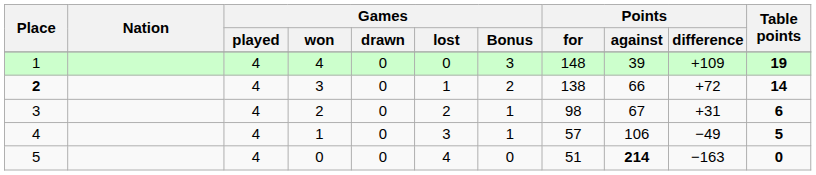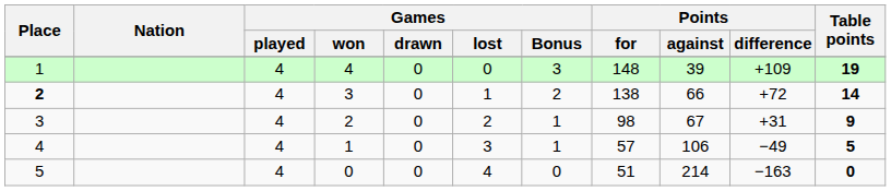 <table class="wikitable">
 <tr>
 <th rowspan=2 width="8%">Place</th>
 <th rowspan=2 width="20%">Nation</th>
 <th colspan=5 width="40%">Games</th>
 <th colspan=3 width="24%">Points</th>
 <th rowspan=2 width="10%">Table<br>points</th>
 </tr>
 <tr>
 <th width="8%">played</th>
 <th width="8%">won</th>
 <th width="8%">drawn</th>
 <th width="8%">lost</th>
 <th width="8%">Bonus</th>
 <th width="8%">for</th>
 <th width="8%">against</th>
 <th width="8%">difference</th>
 </tr>
 <tr>
 </tr>
 <tr align=center bgcolor="#ccffcc">
 <td>1</td>
 <td align=left></td>
 <td>4</td>
 <td>4</td>
 <td>0</td>
 <td>0</td>
 <td>3</td>
 <td>148</td>
 <td>39</td>
 <td>+109</td>
 <td><strong>19</strong></td>
 </tr>
 <tr align=center>
 <td><strong>2</strong></td>
 <td align=left></td>
 <td>4</td>
 <td>3</td>
 <td>0</td>
 <td>1</td>
 <td>2</td>
 <td>138</td>
 <td>66</td>
 <td>+72</td>
 <td><strong>14</strong></td>
 </tr>
 <tr align=center>
 <td>3</td>
 <td align=left></td>
 <td>4</td>
 <td>2</td>
 <td>0</td>
 <td>2</td>
 <td>1</td>
 <td>98</td>
 <td>67</td>
 <td>+31</td>
-<td><strong>6</strong></td>
+<td><strong>9</strong></td>
 </tr>
 <tr align=center>
 <td>4</td>
 <td align=left></td>
 <td>4</td>
 <td>1</td>
 <td>0</td>
 <td>3</td>
 <td>1</td>
 <td>57</td>
 <td>106</td>
 <td>−49</td>
 <td><strong>5</strong></td>
 </tr>
 <tr align=center>
 <td>5</td>
 <td align=left></td>
 <td>4</td>
 <td>0</td>
 <td>0</td>
 <td>4</td>
 <td>0</td>
 <td>51</td>
-<td><strong>214</strong></td>
+<td>214</td>
 <td>−163</td>
 <td><strong>0</strong></td>
 </tr>
 </table>
